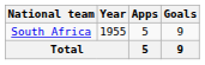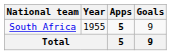 <table class=wikitable style=text-align:center>
 <tr>
 <th>National team</th>
 <th>Year</th>
 <th>Apps</th>
 <th>Goals</th>
 </tr>
 <tr>
 <td rowspan="1"><a href='#'>South Africa</a></td>
 <td>1955</td>
-<td>5</td>
+<td><strong>5</strong></td>
 <td>9</td>
 </tr>
 <tr>
 <th colspan="2">Total</th>
 <th>5</th>
 <th>9</th>
 </tr>
 </table>
